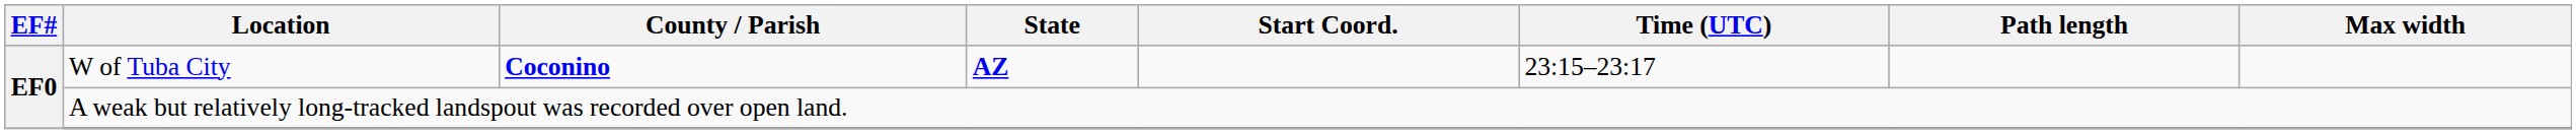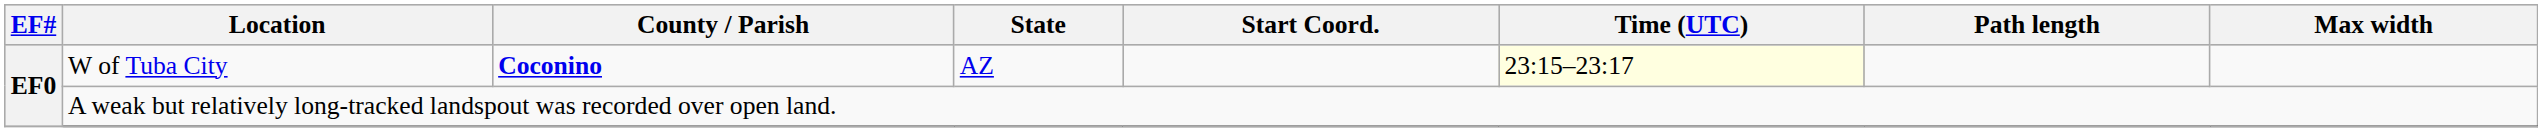 <table class="wikitable sortable" style="width:100%;">
 <tr>
 <th scope="col" width="2%" align="center"><a href='#'>EF#</a></th>
 <th scope="col" align="center" class="unsortable">Location</th>
 <th scope="col" align="center" class="unsortable">County / Parish</th>
 <th scope="col" align="center">State</th>
 <th scope="col" align="center">Start Coord.</th>
 <th scope="col" align="center">Time (<a href='#'>UTC</a>)</th>
 <th scope="col" align="center">Path length</th>
 <th scope="col" align="center">Max width</th>
 </tr>
 <tr>
 <th scope="row" rowspan="2" style="background-color:#">EF0</th>
 <td>W of <a href='#'>Tuba City</a></td>
 <td><strong><a href='#'>Coconino</a></strong></td>
-<td><strong><a href='#'>AZ</a></strong></td>
+<td><a href='#'>AZ</a></td>
 <td></td>
-<td>23:15–23:17</td>
+<td style="background: lightyellow;">23:15–23:17</td>
 <td></td>
 <td></td>
 </tr>
 <tr class="expand-child">
 <td colspan="8" style=" border-bottom: 1px solid black;">A weak but relatively long-tracked landspout was recorded over open land.</td>
 </tr>
 <tr>
 </tr>
 </table>
